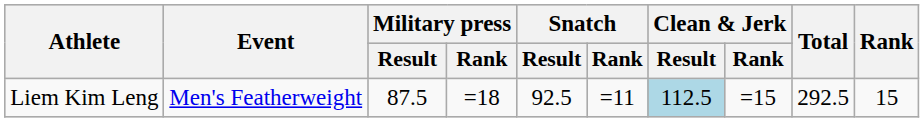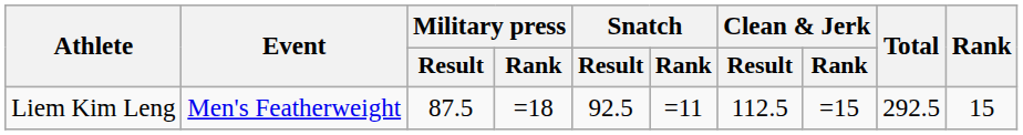 <table class="wikitable" style="font-size:90%">
 <tr>
 <th rowspan="2">Athlete</th>
 <th rowspan="2">Event</th>
 <th colspan="2">Military press</th>
 <th colspan="2">Snatch</th>
 <th colspan="2">Clean & Jerk</th>
 <th rowspan="2">Total</th>
 <th rowspan="2">Rank</th>
 </tr>
 <tr style="font-size:95%">
 <th>Result</th>
 <th>Rank</th>
 <th>Result</th>
 <th>Rank</th>
 <th>Result</th>
 <th>Rank</th>
 </tr>
 <tr align=center>
 <td align=left>Liem Kim Leng</td>
 <td align=left><a href='#'>Men's Featherweight</a></td>
 <td>87.5</td>
 <td>=18</td>
 <td>92.5</td>
 <td>=11</td>
-<td style="background: lightblue;">112.5</td>
+<td>112.5</td>
 <td>=15</td>
 <td>292.5</td>
 <td>15</td>
 </tr>
 </table>
